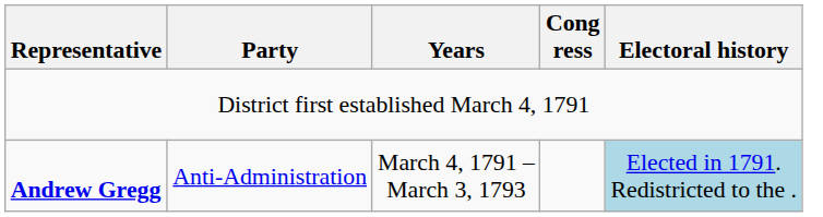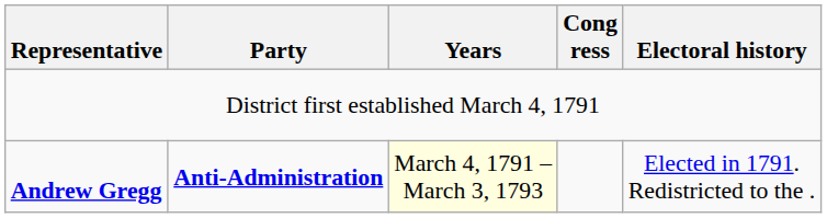 <table class=wikitable style="text-align:center">
 <tr valign=bottom>
 <th>Representative</th>
 <th>Party</th>
 <th>Years</th>
 <th>Cong<br>ress</th>
 <th>Electoral history</th>
 </tr>
 <tr style="height:3em">
 <td colspan=6>District first established March 4, 1791</td>
 </tr>
 <tr style="height:3em">
 <td align=left><br><strong><a href='#'>Andrew Gregg</a></strong><br></td>
-<td><a href='#'>Anti-Administration</a></td>
-<td nowrap>March 4, 1791 –<br>March 3, 1793</td>
+<td><strong><a href='#'>Anti-Administration</a></strong></td>
+<td nowrap style="background: lightyellow;">March 4, 1791 –<br>March 3, 1793</td>
 <td></td>
-<td style="background: lightblue;"><a href='#'>Elected in 1791</a>.<br>Redistricted to the .</td>
+<td><a href='#'>Elected in 1791</a>.<br>Redistricted to the .</td>
 </tr>
 </table>
